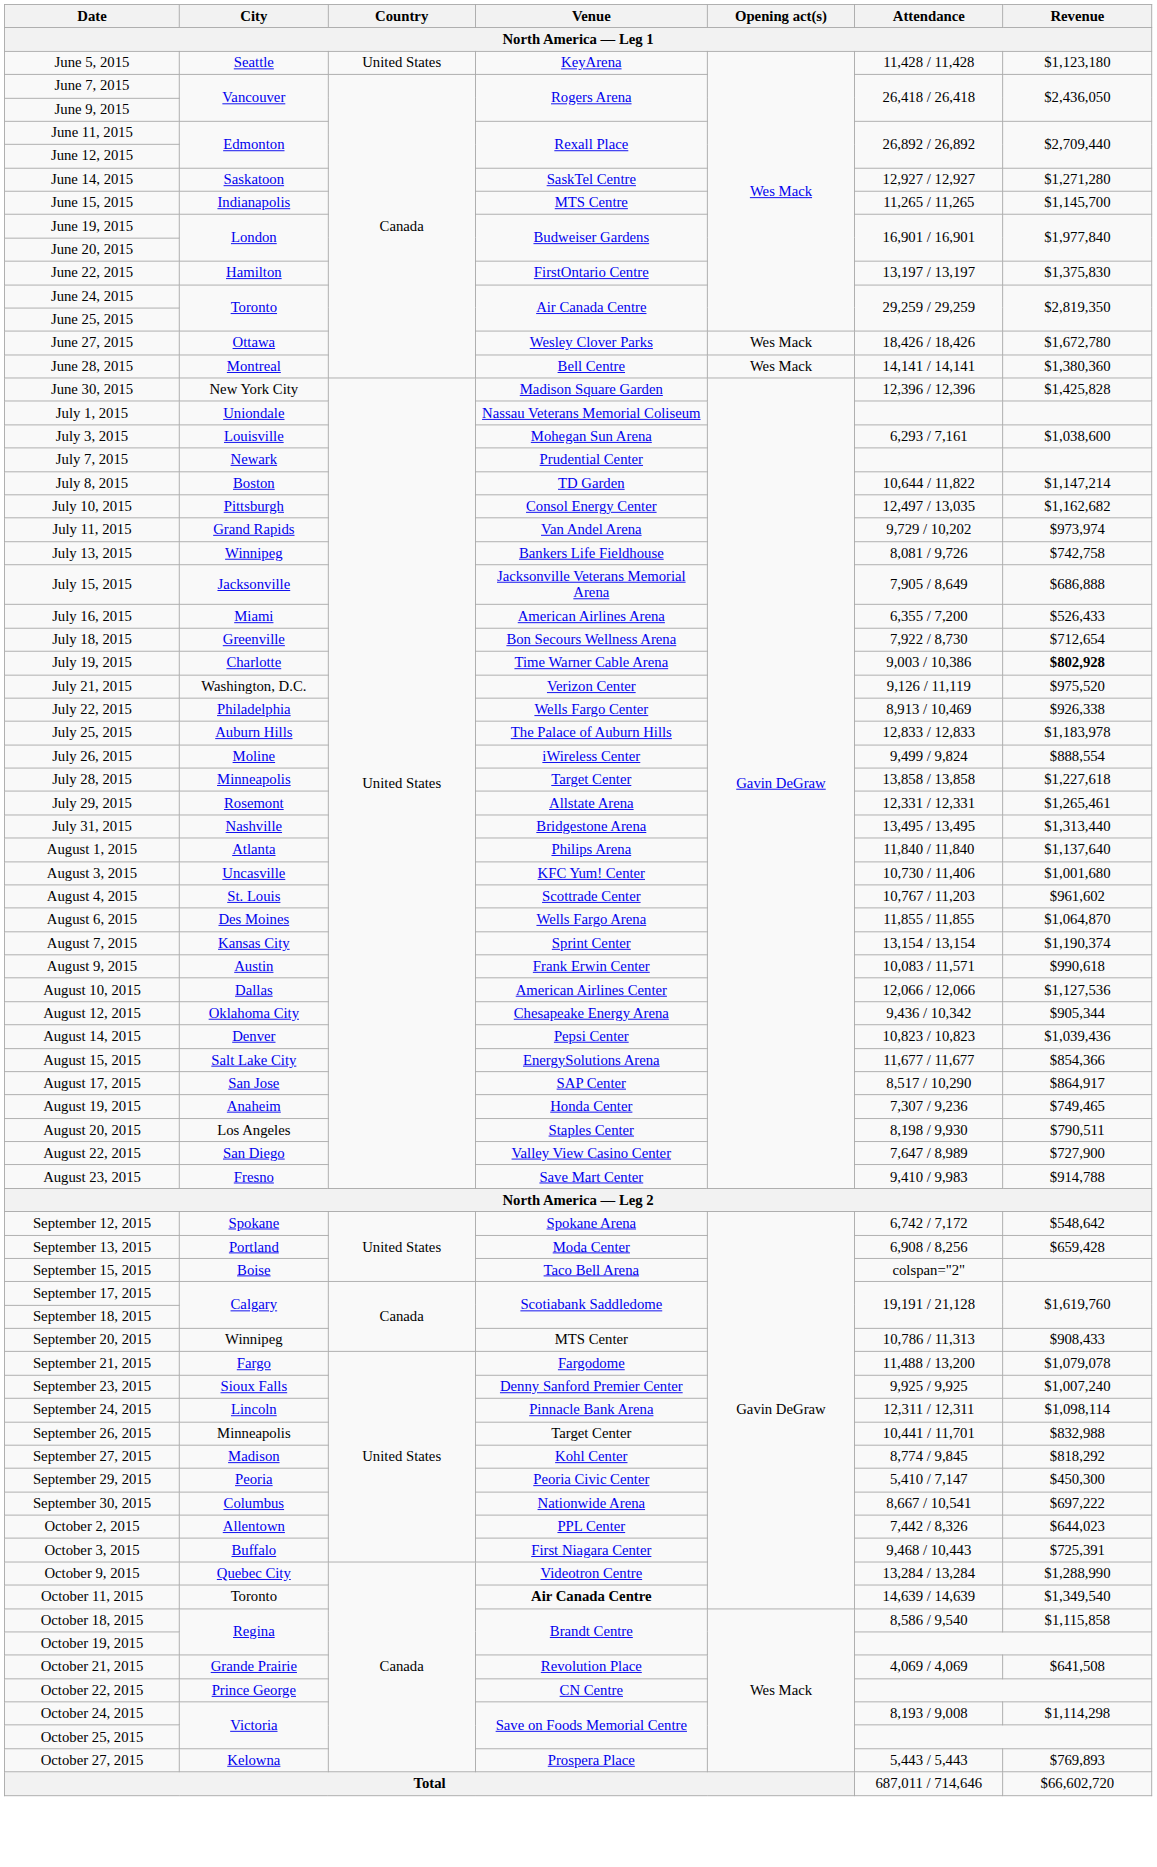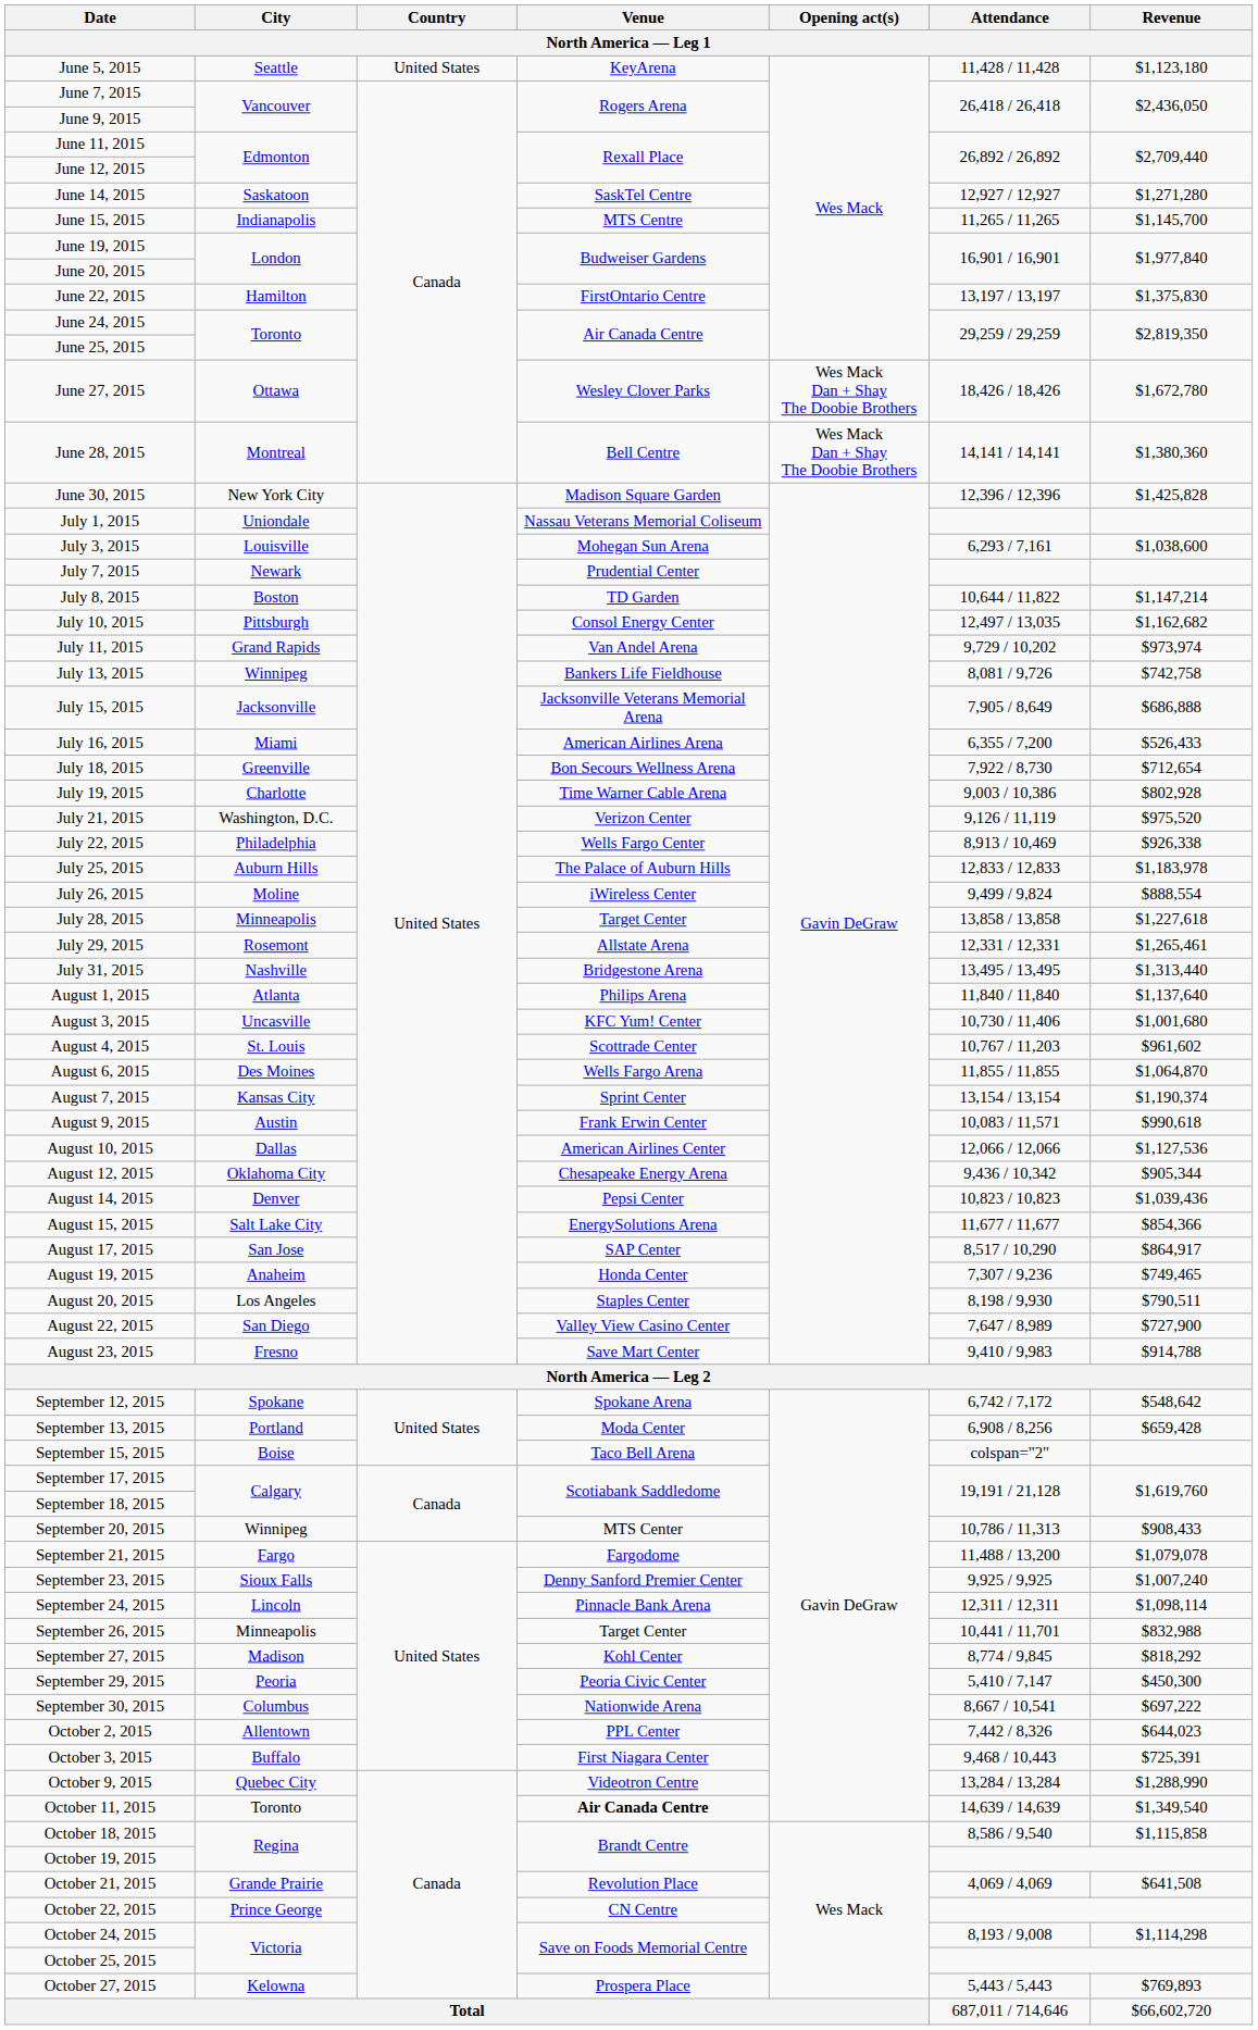 <table class="wikitable" style="text-align:center;">
 <tr>
 <th scope="col" style="width:12em;">Date</th>
 <th scope="col" style="width:10em;">City</th>
 <th scope="col" style="width:10em;">Country</th>
 <th scope="col" style="width:16em;">Venue</th>
 <th scope="col" style="width:10em;">Opening act(s)</th>
 <th scope="col" style="width:10em;">Attendance</th>
 <th scope="col" style="width:10em;">Revenue</th>
 </tr>
 <tr>
 <th colspan="7">North America — Leg 1</th>
 </tr>
 <tr>
 <td>June 5, 2015</td>
 <td><a href='#'>Seattle</a></td>
 <td>United States</td>
 <td><a href='#'>KeyArena</a></td>
 <td rowspan="12"><a href='#'>Wes Mack</a></td>
 <td>11,428 / 11,428</td>
 <td>$1,123,180</td>
 </tr>
 <tr>
 <td>June 7, 2015</td>
 <td rowspan="2"><a href='#'>Vancouver</a></td>
 <td rowspan="13">Canada</td>
 <td rowspan="2"><a href='#'>Rogers Arena</a></td>
 <td rowspan="2">26,418 / 26,418</td>
 <td rowspan="2">$2,436,050</td>
 </tr>
 <tr>
 <td>June 9, 2015</td>
 </tr>
 <tr>
 <td>June 11, 2015</td>
 <td rowspan="2"><a href='#'>Edmonton</a></td>
 <td rowspan="2"><a href='#'>Rexall Place</a></td>
 <td rowspan="2">26,892 / 26,892</td>
 <td rowspan="2">$2,709,440</td>
 </tr>
 <tr>
 <td>June 12, 2015</td>
 </tr>
 <tr>
 <td>June 14, 2015</td>
 <td><a href='#'>Saskatoon</a></td>
 <td><a href='#'>SaskTel Centre</a></td>
 <td>12,927 / 12,927</td>
 <td>$1,271,280</td>
 </tr>
 <tr>
 <td>June 15, 2015</td>
 <td><a href='#'>Indianapolis</a></td>
 <td><a href='#'>MTS Centre</a></td>
 <td>11,265 / 11,265</td>
 <td>$1,145,700</td>
 </tr>
 <tr>
 <td>June 19, 2015</td>
 <td rowspan="2"><a href='#'>London</a></td>
 <td rowspan="2"><a href='#'>Budweiser Gardens</a></td>
 <td rowspan="2">16,901 / 16,901</td>
 <td rowspan="2">$1,977,840</td>
 </tr>
 <tr>
 <td>June 20, 2015</td>
 </tr>
 <tr>
 <td>June 22, 2015</td>
 <td><a href='#'>Hamilton</a></td>
 <td><a href='#'>FirstOntario Centre</a></td>
 <td>13,197 / 13,197</td>
 <td>$1,375,830</td>
 </tr>
 <tr>
 <td>June 24, 2015</td>
 <td rowspan="2"><a href='#'>Toronto</a></td>
 <td rowspan="2"><a href='#'>Air Canada Centre</a></td>
 <td rowspan="2">29,259 / 29,259</td>
 <td rowspan="2">$2,819,350</td>
 </tr>
 <tr>
 <td>June 25, 2015</td>
 </tr>
 <tr>
 <td>June 27, 2015</td>
 <td><a href='#'>Ottawa</a></td>
 <td><a href='#'>Wesley Clover Parks</a></td>
-<td>Wes Mack</td>
+<td>Wes Mack <br> <a href='#'>Dan + Shay</a> <br> <a href='#'>The Doobie Brothers</a></td>
 <td>18,426 / 18,426</td>
 <td>$1,672,780</td>
 </tr>
 <tr>
 <td>June 28, 2015</td>
 <td><a href='#'>Montreal</a></td>
 <td><a href='#'>Bell Centre</a></td>
-<td>Wes Mack</td>
+<td>Wes Mack <br> <a href='#'>Dan + Shay</a> <br> <a href='#'>The Doobie Brothers</a></td>
 <td>14,141 / 14,141</td>
 <td>$1,380,360</td>
 </tr>
 <tr>
 <td>June 30, 2015</td>
 <td>New York City</td>
 <td rowspan="34">United States</td>
 <td><a href='#'>Madison Square Garden</a></td>
 <td rowspan="34"><a href='#'>Gavin DeGraw</a></td>
 <td>12,396 / 12,396</td>
 <td>$1,425,828</td>
 </tr>
 <tr>
 <td>July 1, 2015</td>
 <td><a href='#'>Uniondale</a></td>
 <td><a href='#'>Nassau Veterans Memorial Coliseum</a></td>
 <td></td>
 <td></td>
 </tr>
 <tr>
 <td>July 3, 2015</td>
 <td><a href='#'>Louisville</a></td>
 <td><a href='#'>Mohegan Sun Arena</a></td>
 <td>6,293 / 7,161</td>
 <td>$1,038,600</td>
 </tr>
 <tr>
 <td>July 7, 2015</td>
 <td><a href='#'>Newark</a></td>
 <td><a href='#'>Prudential Center</a></td>
 <td></td>
 <td></td>
 </tr>
 <tr>
 <td>July 8, 2015</td>
 <td><a href='#'>Boston</a></td>
 <td><a href='#'>TD Garden</a></td>
 <td>10,644 / 11,822</td>
 <td>$1,147,214</td>
 </tr>
 <tr>
 <td>July 10, 2015</td>
 <td><a href='#'>Pittsburgh</a></td>
 <td><a href='#'>Consol Energy Center</a></td>
 <td>12,497 / 13,035</td>
 <td>$1,162,682</td>
 </tr>
 <tr>
 <td>July 11, 2015</td>
 <td><a href='#'>Grand Rapids</a></td>
 <td><a href='#'>Van Andel Arena</a></td>
 <td>9,729 / 10,202</td>
 <td>$973,974</td>
 </tr>
 <tr>
 <td>July 13, 2015</td>
 <td><a href='#'>Winnipeg</a></td>
 <td><a href='#'>Bankers Life Fieldhouse</a></td>
 <td>8,081 / 9,726</td>
 <td>$742,758</td>
 </tr>
 <tr>
 <td>July 15, 2015</td>
 <td><a href='#'>Jacksonville</a></td>
 <td><a href='#'>Jacksonville Veterans Memorial Arena</a></td>
 <td>7,905 / 8,649</td>
 <td>$686,888</td>
 </tr>
 <tr>
 <td>July 16, 2015</td>
 <td><a href='#'>Miami</a></td>
 <td><a href='#'>American Airlines Arena</a></td>
 <td>6,355 / 7,200</td>
 <td>$526,433</td>
 </tr>
 <tr>
 <td>July 18, 2015</td>
 <td><a href='#'>Greenville</a></td>
 <td><a href='#'>Bon Secours Wellness Arena</a></td>
 <td>7,922 / 8,730</td>
 <td>$712,654</td>
 </tr>
 <tr>
 <td>July 19, 2015</td>
 <td><a href='#'>Charlotte</a></td>
 <td><a href='#'>Time Warner Cable Arena</a></td>
 <td>9,003 / 10,386</td>
-<td><strong>$802,928</strong></td>
+<td>$802,928</td>
 </tr>
 <tr>
 <td>July 21, 2015</td>
 <td>Washington, D.C.</td>
 <td><a href='#'>Verizon Center</a></td>
 <td>9,126 / 11,119</td>
 <td>$975,520</td>
 </tr>
 <tr>
 <td>July 22, 2015</td>
 <td><a href='#'>Philadelphia</a></td>
 <td><a href='#'>Wells Fargo Center</a></td>
 <td>8,913 / 10,469</td>
 <td>$926,338</td>
 </tr>
 <tr>
 <td>July 25, 2015</td>
 <td><a href='#'>Auburn Hills</a></td>
 <td><a href='#'>The Palace of Auburn Hills</a></td>
 <td>12,833 / 12,833</td>
 <td>$1,183,978</td>
 </tr>
 <tr>
 <td>July 26, 2015</td>
 <td><a href='#'>Moline</a></td>
 <td><a href='#'>iWireless Center</a></td>
 <td>9,499 / 9,824</td>
 <td>$888,554</td>
 </tr>
 <tr>
 <td>July 28, 2015</td>
 <td><a href='#'>Minneapolis</a></td>
 <td><a href='#'>Target Center</a></td>
 <td>13,858 / 13,858</td>
 <td>$1,227,618</td>
 </tr>
 <tr>
 <td>July 29, 2015</td>
 <td><a href='#'>Rosemont</a></td>
 <td><a href='#'>Allstate Arena</a></td>
 <td>12,331 / 12,331</td>
 <td>$1,265,461</td>
 </tr>
 <tr>
 <td>July 31, 2015</td>
 <td><a href='#'>Nashville</a></td>
 <td><a href='#'>Bridgestone Arena</a></td>
 <td>13,495 / 13,495</td>
 <td>$1,313,440</td>
 </tr>
 <tr>
 <td>August 1, 2015</td>
 <td><a href='#'>Atlanta</a></td>
 <td><a href='#'>Philips Arena</a></td>
 <td>11,840 / 11,840</td>
 <td>$1,137,640</td>
 </tr>
 <tr>
 <td>August 3, 2015</td>
 <td><a href='#'>Uncasville</a></td>
 <td><a href='#'>KFC Yum! Center</a></td>
 <td>10,730 / 11,406</td>
 <td>$1,001,680</td>
 </tr>
 <tr>
 <td>August 4, 2015</td>
 <td><a href='#'>St. Louis</a></td>
 <td><a href='#'>Scottrade Center</a></td>
 <td>10,767 / 11,203</td>
 <td>$961,602</td>
 </tr>
 <tr>
 <td>August 6, 2015</td>
 <td><a href='#'>Des Moines</a></td>
 <td><a href='#'>Wells Fargo Arena</a></td>
 <td>11,855 / 11,855</td>
 <td>$1,064,870</td>
 </tr>
 <tr>
 <td>August 7, 2015</td>
 <td><a href='#'>Kansas City</a></td>
 <td><a href='#'>Sprint Center</a></td>
 <td>13,154 / 13,154</td>
 <td>$1,190,374</td>
 </tr>
 <tr>
 <td>August 9, 2015</td>
 <td><a href='#'>Austin</a></td>
 <td><a href='#'>Frank Erwin Center</a></td>
 <td>10,083 / 11,571</td>
 <td>$990,618</td>
 </tr>
 <tr>
 <td>August 10, 2015</td>
 <td><a href='#'>Dallas</a></td>
 <td><a href='#'>American Airlines Center</a></td>
 <td>12,066 / 12,066</td>
 <td>$1,127,536</td>
 </tr>
 <tr>
 <td>August 12, 2015</td>
 <td><a href='#'>Oklahoma City</a></td>
 <td><a href='#'>Chesapeake Energy Arena</a></td>
 <td>9,436 / 10,342</td>
 <td>$905,344</td>
 </tr>
 <tr>
 <td>August 14, 2015</td>
 <td><a href='#'>Denver</a></td>
 <td><a href='#'>Pepsi Center</a></td>
 <td>10,823 / 10,823</td>
 <td>$1,039,436</td>
 </tr>
 <tr>
 <td>August 15, 2015</td>
 <td><a href='#'>Salt Lake City</a></td>
 <td><a href='#'>EnergySolutions Arena</a></td>
 <td>11,677 / 11,677</td>
 <td>$854,366</td>
 </tr>
 <tr>
 <td>August 17, 2015</td>
 <td><a href='#'>San Jose</a></td>
 <td><a href='#'>SAP Center</a></td>
 <td>8,517 / 10,290</td>
 <td>$864,917</td>
 </tr>
 <tr>
 <td>August 19, 2015</td>
 <td><a href='#'>Anaheim</a></td>
 <td><a href='#'>Honda Center</a></td>
 <td>7,307 / 9,236</td>
 <td>$749,465</td>
 </tr>
 <tr>
 <td>August 20, 2015</td>
 <td>Los Angeles</td>
 <td><a href='#'>Staples Center</a></td>
 <td>8,198 / 9,930</td>
 <td>$790,511</td>
 </tr>
 <tr>
 <td>August 22, 2015</td>
 <td><a href='#'>San Diego</a></td>
 <td><a href='#'>Valley View Casino Center</a></td>
 <td>7,647 / 8,989</td>
 <td>$727,900</td>
 </tr>
 <tr>
 <td>August 23, 2015</td>
 <td><a href='#'>Fresno</a></td>
 <td><a href='#'>Save Mart Center</a></td>
 <td>9,410 / 9,983</td>
 <td>$914,788</td>
 </tr>
 <tr>
 <th colspan="7">North America — Leg 2</th>
 </tr>
 <tr>
 <td>September 12, 2015</td>
 <td><a href='#'>Spokane</a></td>
 <td rowspan="3">United States</td>
 <td><a href='#'>Spokane Arena</a></td>
 <td rowspan="17">Gavin DeGraw</td>
 <td>6,742 / 7,172</td>
 <td>$548,642</td>
 </tr>
 <tr>
 <td>September 13, 2015</td>
 <td><a href='#'>Portland</a></td>
 <td><a href='#'>Moda Center</a></td>
 <td>6,908 / 8,256</td>
 <td>$659,428</td>
 </tr>
 <tr>
 <td>September 15, 2015</td>
 <td><a href='#'>Boise</a></td>
 <td><a href='#'>Taco Bell Arena</a></td>
 <td>colspan="2" </td>
 </tr>
 <tr>
 <td>September 17, 2015</td>
 <td rowspan="2"><a href='#'>Calgary</a></td>
 <td rowspan="3">Canada</td>
 <td rowspan="2"><a href='#'>Scotiabank Saddledome</a></td>
 <td rowspan="2">19,191 / 21,128</td>
 <td rowspan="2">$1,619,760</td>
 </tr>
 <tr>
 <td>September 18, 2015</td>
 </tr>
 <tr>
 <td>September 20, 2015</td>
 <td>Winnipeg</td>
 <td>MTS Center</td>
 <td>10,786 / 11,313</td>
 <td>$908,433</td>
 </tr>
 <tr>
 <td>September 21, 2015</td>
 <td><a href='#'>Fargo</a></td>
 <td rowspan="9">United States</td>
 <td><a href='#'>Fargodome</a></td>
 <td>11,488 / 13,200</td>
 <td>$1,079,078</td>
 </tr>
 <tr>
 <td>September 23, 2015</td>
 <td><a href='#'>Sioux Falls</a></td>
 <td><a href='#'>Denny Sanford Premier Center</a></td>
 <td>9,925 / 9,925</td>
 <td>$1,007,240</td>
 </tr>
 <tr>
 <td>September 24, 2015</td>
 <td><a href='#'>Lincoln</a></td>
 <td><a href='#'>Pinnacle Bank Arena</a></td>
 <td>12,311 / 12,311</td>
 <td>$1,098,114</td>
 </tr>
 <tr>
 <td>September 26, 2015</td>
 <td>Minneapolis</td>
 <td>Target Center</td>
 <td>10,441 / 11,701</td>
 <td>$832,988</td>
 </tr>
 <tr>
 <td>September 27, 2015</td>
 <td><a href='#'>Madison</a></td>
 <td><a href='#'>Kohl Center</a></td>
 <td>8,774 / 9,845</td>
 <td>$818,292</td>
 </tr>
 <tr>
 <td>September 29, 2015</td>
 <td><a href='#'>Peoria</a></td>
 <td><a href='#'>Peoria Civic Center</a></td>
 <td>5,410 / 7,147</td>
 <td>$450,300</td>
 </tr>
 <tr>
 <td>September 30, 2015</td>
 <td><a href='#'>Columbus</a></td>
 <td><a href='#'>Nationwide Arena</a></td>
 <td>8,667 / 10,541</td>
 <td>$697,222</td>
 </tr>
 <tr>
 <td>October 2, 2015</td>
 <td><a href='#'>Allentown</a></td>
 <td><a href='#'>PPL Center</a></td>
 <td>7,442 / 8,326</td>
 <td>$644,023</td>
 </tr>
 <tr>
 <td>October 3, 2015</td>
 <td><a href='#'>Buffalo</a></td>
 <td><a href='#'>First Niagara Center</a></td>
 <td>9,468 / 10,443</td>
 <td>$725,391</td>
 </tr>
 <tr>
 <td>October 9, 2015</td>
 <td><a href='#'>Quebec City</a></td>
 <td rowspan="9">Canada</td>
 <td><a href='#'>Videotron Centre</a></td>
 <td>13,284 / 13,284</td>
 <td>$1,288,990</td>
 </tr>
 <tr>
 <td>October 11, 2015</td>
 <td>Toronto</td>
 <td><strong>Air Canada Centre</strong></td>
 <td>14,639 / 14,639</td>
 <td>$1,349,540</td>
 </tr>
 <tr>
 <td>October 18, 2015</td>
 <td rowspan="2"><a href='#'>Regina</a></td>
 <td rowspan="2"><a href='#'>Brandt Centre</a></td>
 <td rowspan="7">Wes Mack</td>
 <td>8,586 / 9,540</td>
 <td>$1,115,858</td>
 </tr>
 <tr>
 <td>October 19, 2015</td>
 </tr>
 <tr>
 <td>October 21, 2015</td>
 <td><a href='#'>Grande Prairie</a></td>
 <td><a href='#'>Revolution Place</a></td>
 <td>4,069 / 4,069</td>
 <td>$641,508</td>
 </tr>
 <tr>
 <td>October 22, 2015</td>
 <td><a href='#'>Prince George</a></td>
 <td><a href='#'>CN Centre</a></td>
 </tr>
 <tr>
 <td>October 24, 2015</td>
 <td rowspan="2"><a href='#'>Victoria</a></td>
 <td rowspan="2"><a href='#'>Save on Foods Memorial Centre</a></td>
 <td>8,193 / 9,008</td>
 <td>$1,114,298</td>
 </tr>
 <tr>
 <td>October 25, 2015</td>
 </tr>
 <tr>
 <td>October 27, 2015</td>
 <td><a href='#'>Kelowna</a></td>
 <td><a href='#'>Prospera Place</a></td>
 <td>5,443 / 5,443</td>
 <td>$769,893</td>
 </tr>
 <tr>
 <th colspan="5">Total</th>
 <td>687,011 / 714,646</td>
 <td>$66,602,720</td>
 </tr>
 </table>
